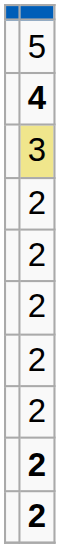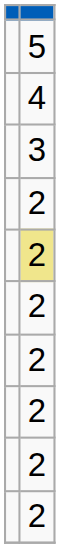 <table class="wikitable sortable">
 <tr>
 <th style="background:#005EB8;"></th>
 <th style="background:#005EB8;"></th>
 </tr>
 <tr>
 <td></td>
 <td align="center">5</td>
 </tr>
 <tr>
 <td></td>
-<td align="center"><strong>4</strong></td>
+<td align="center">4</td>
 </tr>
 <tr>
 <td></td>
-<td align="center" style="background: khaki;">3</td>
+<td align="center">3</td>
+</tr>
+<tr>
+<td></td>
+<td align="center">2</td>
+</tr>
+<tr>
+<td></td>
+<td align="center" style="background: khaki;">2</td>
 </tr>
 <tr>
 <td></td>
 <td align="center">2</td>
 </tr>
 <tr>
 <td></td>
 <td align="center">2</td>
 </tr>
 <tr>
 <td></td>
 <td align="center">2</td>
 </tr>
 <tr>
 <td></td>
 <td align="center">2</td>
 </tr>
 <tr>
 <td></td>
 <td align="center">2</td>
 </tr>
 <tr>
-<td></td>
-<td align="center"><strong>2</strong></td>
-</tr>
-<tr>
-<td></td>
-<td align="center"><strong>2</strong></td>
-</tr>
-<tr>
 </tr>
 </table>
